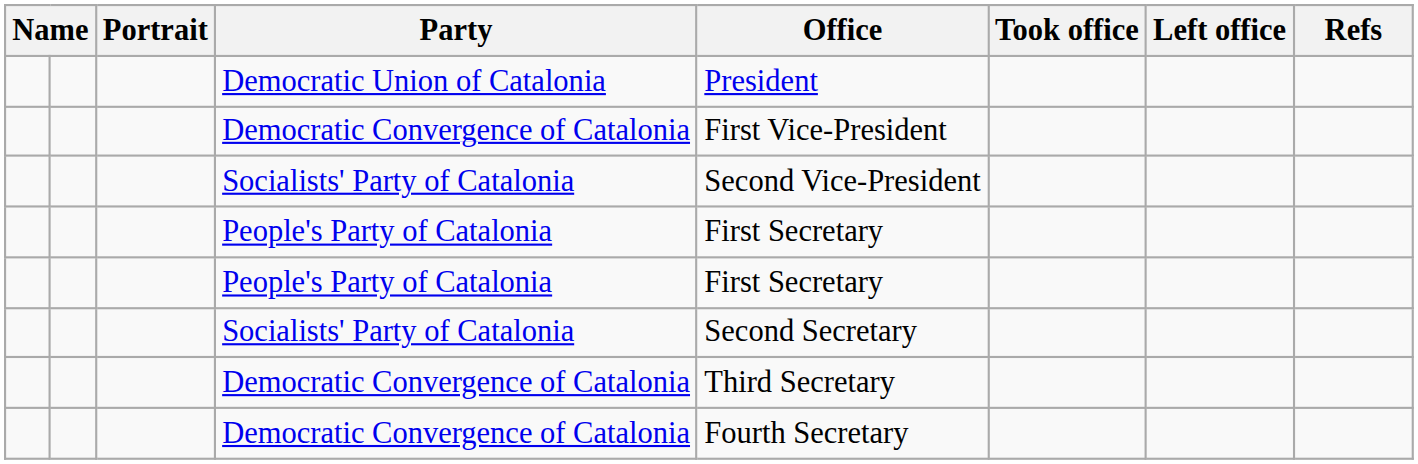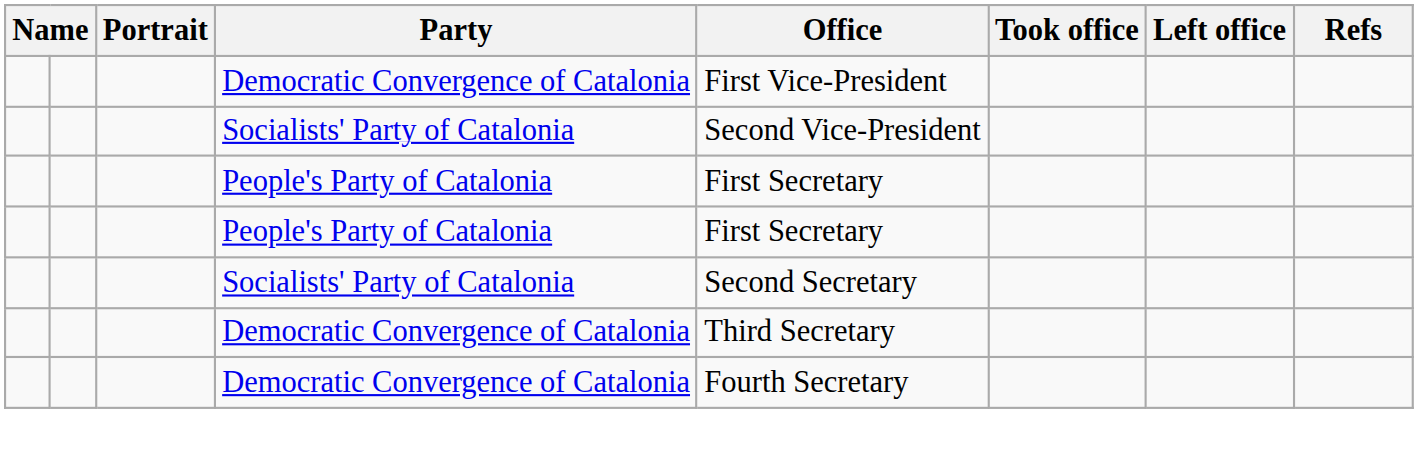 <table class="wikitable plainrowheaders sortable mw-collapsible mw-collapsed" style="font-size:90%; text-align:left;">
 <tr>
 <th scope=col colspan="2">Name</th>
 <th scope=col class=unsortable>Portrait</th>
 <th scope=col>Party</th>
 <th scope=col>Office</th>
 <th scope=col>Took office</th>
 <th scope=col>Left office</th>
 <th scope=col width=50px class=unsortable>Refs</th>
-</tr>
-<tr>
-<td !align="center" style="background:"></td>
-<td></td>
-<td align=center></td>
-<td><a href='#'>Democratic Union of Catalonia</a></td>
-<td><a href='#'>President</a></td>
-<td align=center></td>
-<td align=center></td>
-<td align=center></td>
 </tr>
 <tr>
 <td !align="center" style="background:"></td>
 <td></td>
 <td align=center></td>
 <td><a href='#'>Democratic Convergence of Catalonia</a></td>
 <td>First Vice-President</td>
 <td align=center></td>
 <td align=center></td>
 <td align=center></td>
 </tr>
 <tr>
 <td !align="center" style="background:"></td>
 <td></td>
 <td align=center></td>
 <td><a href='#'>Socialists' Party of Catalonia</a></td>
 <td>Second Vice-President</td>
 <td align=center></td>
 <td align=center></td>
 <td align=center></td>
 </tr>
 <tr>
 <td !align="center" style="background:"></td>
 <td></td>
 <td align=center></td>
 <td><a href='#'>People's Party of Catalonia</a></td>
 <td>First Secretary</td>
 <td align=center></td>
 <td align=center></td>
 <td align=center></td>
 </tr>
 <tr>
 <td !align="center" style="background:"></td>
 <td></td>
 <td align=center></td>
 <td><a href='#'>People's Party of Catalonia</a></td>
 <td>First Secretary</td>
 <td align=center></td>
 <td align=center></td>
 <td align=center></td>
 </tr>
 <tr>
 <td !align="center" style="background:"></td>
 <td></td>
 <td align=center></td>
 <td><a href='#'>Socialists' Party of Catalonia</a></td>
 <td>Second Secretary</td>
 <td align=center></td>
 <td align=center></td>
 <td align=center></td>
 </tr>
 <tr>
 <td !align="center" style="background:"></td>
 <td></td>
 <td align=center></td>
 <td><a href='#'>Democratic Convergence of Catalonia</a></td>
 <td>Third Secretary</td>
 <td align=center></td>
 <td align=center></td>
 <td align=center></td>
 </tr>
 <tr>
 <td !align="center" style="background:"></td>
 <td></td>
 <td align=center></td>
 <td><a href='#'>Democratic Convergence of Catalonia</a></td>
 <td>Fourth Secretary</td>
 <td align=center></td>
 <td align=center></td>
 <td align=center></td>
 </tr>
 </table>
